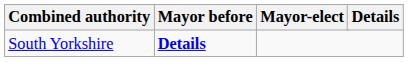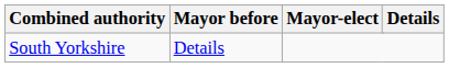 <table class="wikitable">
 <tr>
 <th scope="col">Combined authority</th>
 <th colspan="2">Mayor before</th>
 <th colspan="2">Mayor-elect</th>
 <th>Details</th>
 </tr>
 <tr>
 <td><a href='#'>South Yorkshire</a><br> </td>
-<td><strong><a href='#'>Details</a></strong></td>
+<td><a href='#'>Details</a></td>
 </tr>
 </table>
